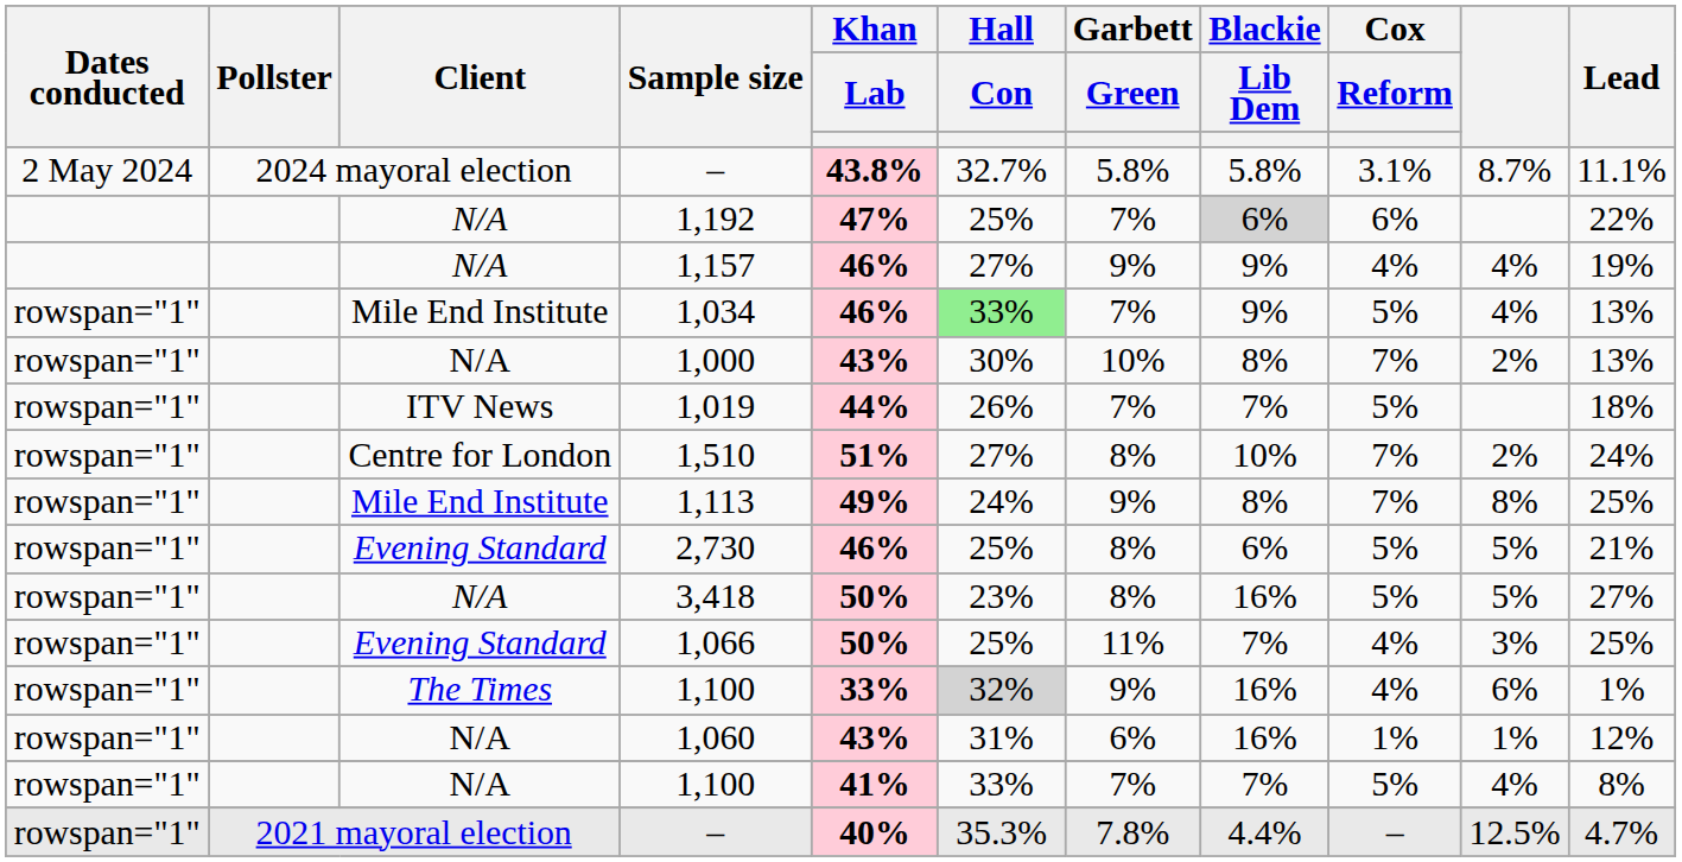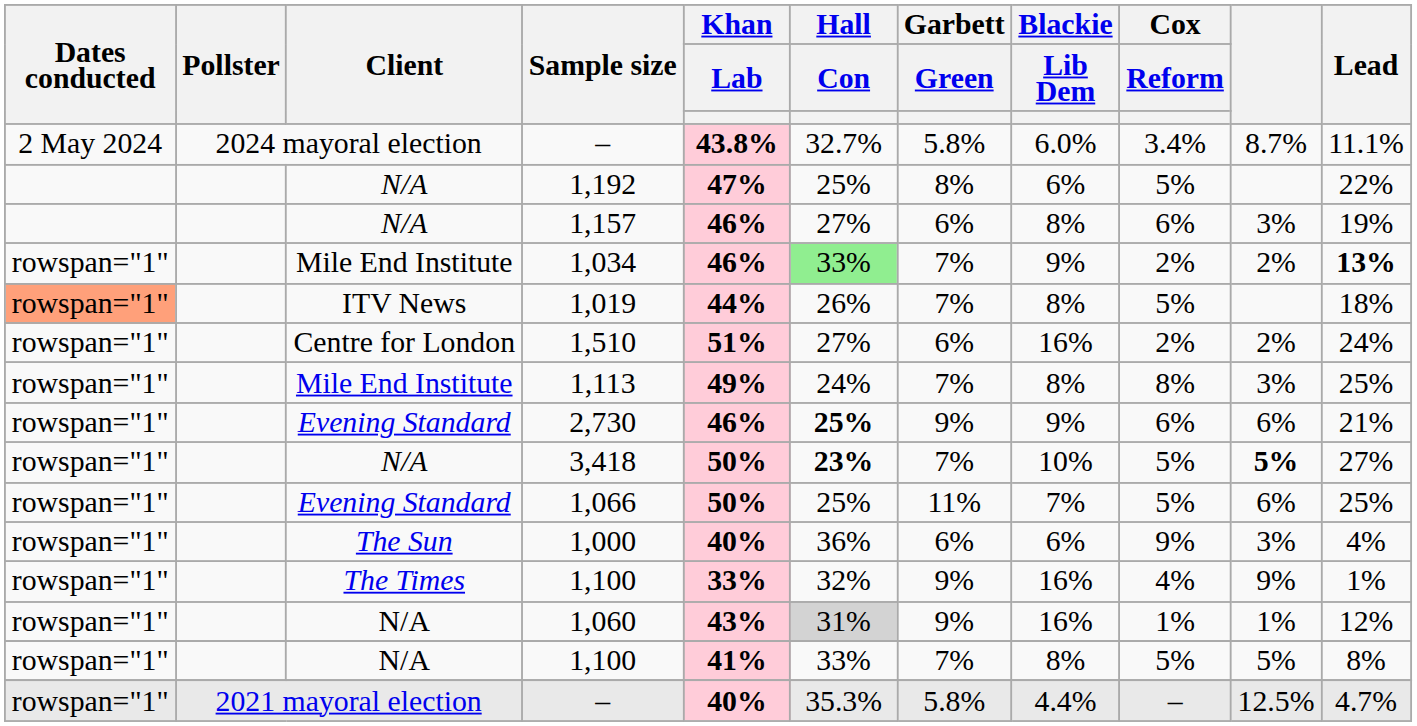 <table class="wikitable sortable mw-datatable" style="text-align:center; line-height:14px;">
 <tr>
 <th rowspan="3">Dates<br>conducted</th>
 <th rowspan="3">Pollster</th>
 <th rowspan="3">Client</th>
 <th rowspan="3">Sample size</th>
 <th style="width:50px;"><a href='#'>Khan</a></th>
 <th style="width:50px;"><a href='#'>Hall</a></th>
 <th style="width:50px;">Garbett</th>
 <th style="width:50px;"><a href='#'>Blackie</a></th>
 <th style="width:50px;">Cox</th>
 <th rowspan="3" style="width:30px;"><a href='#'> </a></th>
 <th rowspan="3">Lead</th>
 </tr>
 <tr>
 <th><a href='#'>Lab</a></th>
 <th><a href='#'>Con</a></th>
 <th><a href='#'>Green</a></th>
 <th><a href='#'>Lib Dem</a></th>
 <th><a href='#'>Reform</a></th>
 </tr>
 <tr>
 <th data-sort-type="number" style="background:"></th>
 <th data-sort-type="number" style="background:"></th>
 <th data-sort-type="number" style="background:"></th>
 <th data-sort-type="number" style="background:"></th>
 <th data-sort-type="number" style="background:"></th>
 </tr>
 <tr>
 <td>2 May 2024</td>
 <td colspan="2">2024 mayoral election</td>
 <td>–</td>
 <td style="background:#FFCCD9;"><strong>43.8%</strong></td>
 <td>32.7%</td>
 <td>5.8%</td>
-<td>5.8%</td>
-<td>3.1%</td>
+<td>6.0%</td>
+<td>3.4%</td>
 <td>8.7%</td>
 <td style="background:">11.1%</td>
 </tr>
 <tr>
 <td></td>
 <td></td>
 <td><em>N/A</em></td>
 <td>1,192</td>
 <td style="background:#FFCCD9;"><strong>47%</strong></td>
 <td>25%</td>
-<td>7%</td>
-<td style="background: lightgrey;">6%</td>
+<td>8%</td>
 <td>6%</td>
+<td>5%</td>
 <td></td>
 <td style="background:">22%</td>
 </tr>
 <tr>
 <td></td>
 <td></td>
 <td><em>N/A</em></td>
 <td>1,157</td>
 <td style="background:#FFCCD9;"><strong>46%</strong></td>
 <td>27%</td>
-<td>9%</td>
-<td>9%</td>
-<td>4%</td>
-<td>4%</td>
+<td>6%</td>
+<td>8%</td>
+<td>6%</td>
+<td>3%</td>
 <td style="background:">19%</td>
 </tr>
 <tr>
 <td>rowspan="1" </td>
 <td rowspan="1"></td>
 <td rowspan="1">Mile End Institute</td>
 <td rowspan="1">1,034</td>
 <td style="background:#FFCCD9;"><strong>46%</strong></td>
 <td style="background: lightgreen;">33%</td>
 <td>7%</td>
 <td>9%</td>
-<td>5%</td>
-<td>4%</td>
-<td style="background:">13%</td>
+<td>2%</td>
+<td>2%</td>
+<td style="background:"><strong>13%</strong></td>
 </tr>
 <tr>
-<td>rowspan="1" </td>
-<td rowspan="1"></td>
-<td rowspan="1">N/A</td>
-<td rowspan="1">1,000</td>
-<td style="background:#FFCCD9;"><strong>43%</strong></td>
-<td>30%</td>
-<td>10%</td>
-<td>8%</td>
-<td>7%</td>
-<td>2%</td>
-<td style="background:">13%</td>
-</tr>
-<tr>
-<td>rowspan="1" </td>
+<td style="background: lightsalmon;">rowspan="1" </td>
 <td rowspan="1"></td>
 <td rowspan="1">ITV News</td>
 <td rowspan="1">1,019</td>
 <td style="background:#FFCCD9;"><strong>44%</strong></td>
 <td>26%</td>
 <td>7%</td>
-<td>7%</td>
+<td>8%</td>
 <td>5%</td>
 <td></td>
 <td style="background:">18%</td>
 </tr>
 <tr>
 <td>rowspan="1" </td>
 <td rowspan="1"></td>
 <td rowspan="1">Centre for London</td>
 <td rowspan="1">1,510</td>
 <td style="background:#FFCCD9;"><strong>51%</strong></td>
 <td>27%</td>
-<td>8%</td>
-<td>10%</td>
-<td>7%</td>
+<td>6%</td>
+<td>16%</td>
+<td>2%</td>
 <td>2%</td>
 <td style="background:">24%</td>
 </tr>
 <tr>
 <td>rowspan="1" </td>
 <td rowspan="1"></td>
 <td rowspan="1"><a href='#'>Mile End Institute</a></td>
 <td rowspan="1">1,113</td>
 <td style="background:#FFCCD9;"><strong>49%</strong></td>
 <td>24%</td>
-<td>9%</td>
-<td>8%</td>
 <td>7%</td>
 <td>8%</td>
+<td>8%</td>
+<td>3%</td>
 <td style="background:">25%</td>
 </tr>
 <tr>
 <td>rowspan="1" </td>
 <td rowspan="1"></td>
 <td rowspan="1"><em><a href='#'>Evening Standard</a></em></td>
 <td rowspan="1">2,730</td>
 <td style="background:#FFCCD9;"><strong>46%</strong></td>
-<td>25%</td>
-<td>8%</td>
+<td><strong>25%</strong></td>
+<td>9%</td>
+<td>9%</td>
 <td>6%</td>
-<td>5%</td>
-<td>5%</td>
+<td>6%</td>
 <td style="background:">21%</td>
 </tr>
 <tr>
 <td>rowspan="1" </td>
 <td rowspan="1"></td>
 <td rowspan="1"><em>N/A</em></td>
 <td rowspan="1">3,418</td>
 <td style="background:#FFCCD9;"><strong>50%</strong></td>
-<td>23%</td>
-<td>8%</td>
-<td>16%</td>
+<td><strong>23%</strong></td>
+<td>7%</td>
+<td>10%</td>
 <td>5%</td>
-<td>5%</td>
+<td><strong>5%</strong></td>
 <td style="background:">27%</td>
 </tr>
 <tr>
 <td>rowspan="1" </td>
 <td rowspan="1"></td>
 <td rowspan="1"><em><a href='#'>Evening Standard</a></em></td>
 <td rowspan="1">1,066</td>
 <td style="background:#FFCCD9"><strong>50%</strong></td>
 <td>25%</td>
 <td>11%</td>
 <td>7%</td>
-<td>4%</td>
+<td>5%</td>
+<td>6%</td>
+<td style="background:">25%</td>
+</tr>
+<tr>
+<td>rowspan="1" </td>
+<td rowspan="1"></td>
+<td rowspan="1"><em><a href='#'>The Sun</a></em></td>
+<td rowspan="1">1,000</td>
+<td style="background:#FFCCD9;"><strong>40%</strong></td>
+<td>36%</td>
+<td>6%</td>
+<td>6%</td>
+<td>9%</td>
 <td>3%</td>
-<td style="background:">25%</td>
+<td style="background:">4%</td>
 </tr>
 <tr>
 <td>rowspan="1" </td>
 <td rowspan="1"></td>
 <td rowspan="1"><em><a href='#'>The Times</a></em></td>
 <td rowspan="1">1,100</td>
 <td style="background:#FFCCD9;"><strong>33%</strong></td>
-<td style="background: lightgrey;">32%</td>
+<td>32%</td>
 <td>9%</td>
 <td>16%</td>
 <td>4%</td>
-<td>6%</td>
+<td>9%</td>
 <td style="background:">1%</td>
 </tr>
 <tr>
 <td>rowspan="1" </td>
 <td rowspan="1"></td>
 <td rowspan="1">N/A</td>
 <td rowspan="1">1,060</td>
 <td style="background:#FFCCD9;"><strong>43%</strong></td>
-<td>31%</td>
-<td>6%</td>
+<td style="background: lightgrey;">31%</td>
+<td>9%</td>
 <td>16%</td>
 <td>1%</td>
 <td>1%</td>
 <td style="background:">12%</td>
 </tr>
 <tr style="background:#E9E9E9;">
 </tr>
 <tr>
 </tr>
 <tr>
 <td>rowspan="1" </td>
 <td rowspan="1"></td>
 <td rowspan="1">N/A</td>
 <td rowspan="1">1,100</td>
 <td style="background:#FFCCD9;"><strong>41%</strong></td>
 <td>33%</td>
 <td>7%</td>
-<td>7%</td>
+<td>8%</td>
 <td>5%</td>
-<td>4%</td>
+<td>5%</td>
 <td style="background:">8%</td>
 </tr>
 <tr>
 </tr>
 <tr style="background:#E9E9E9;">
 <td>rowspan="1" </td>
 <td colspan="2"><a href='#'>2021 mayoral election</a></td>
 <td>–</td>
 <td style="background:#FFCCD9;"><strong>40%</strong></td>
 <td>35.3%</td>
-<td>7.8%</td>
+<td>5.8%</td>
 <td>4.4%</td>
 <td>–</td>
 <td>12.5%</td>
 <td style="background:">4.7%</td>
 </tr>
 </table>
